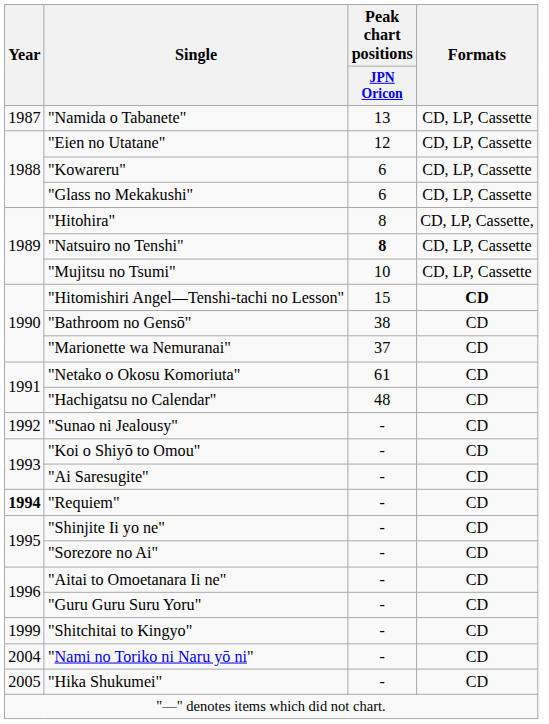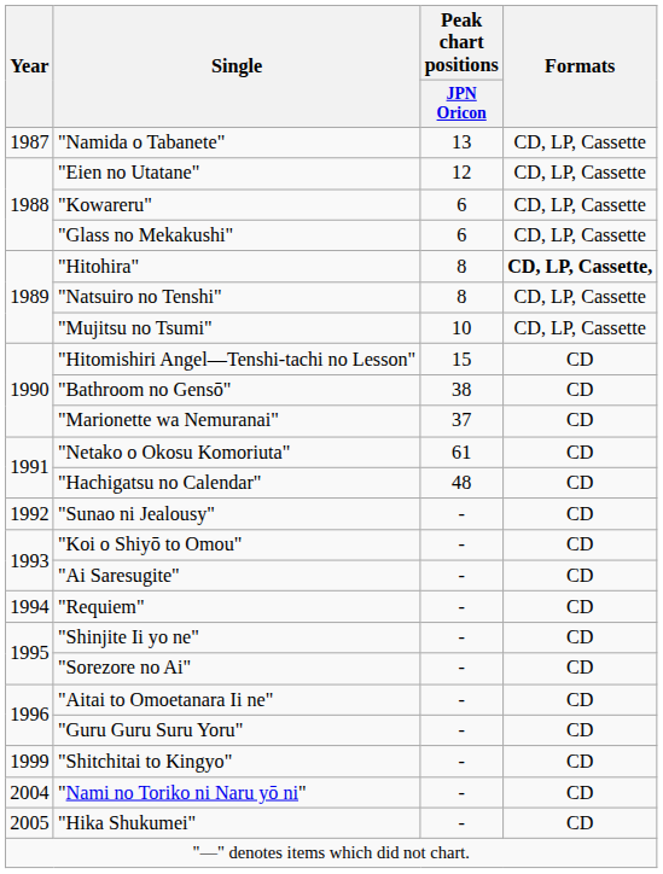 <table class="wikitable plainrowheaders" style="text-align:center;">
 <tr>
 <th scope="col" rowspan="2">Year</th>
 <th scope="col" rowspan="2">Single</th>
 <th scope="col" rowspan="1">Peak chart positions</th>
 <th scope="col" rowspan="2">Formats</th>
 </tr>
 <tr>
 <th style="width:3em;font-size:85%"><a href='#'>JPN<br>Oricon</a><br></th>
 </tr>
 <tr>
 <td rowspan="1">1987</td>
 <td style="text-align:left;">"Namida o Tabanete"<br></td>
 <td>13</td>
 <td>CD, LP, Cassette</td>
 </tr>
 <tr>
 <td rowspan="3">1988</td>
 <td style="text-align:left;">"Eien no Utatane"<br></td>
 <td>12</td>
 <td>CD, LP, Cassette</td>
 </tr>
 <tr>
 <td style="text-align:left;">"Kowareru"<br></td>
 <td>6</td>
 <td>CD, LP, Cassette</td>
 </tr>
 <tr>
 <td style="text-align:left;">"Glass no Mekakushi"<br></td>
 <td>6</td>
 <td>CD, LP, Cassette</td>
 </tr>
 <tr>
 <td rowspan="3">1989</td>
 <td style="text-align:left;">"Hitohira"<br></td>
 <td>8</td>
-<td>CD, LP, Cassette,</td>
+<td><strong>CD, LP, Cassette,</strong></td>
 </tr>
 <tr>
 <td style="text-align:left;">"Natsuiro no Tenshi"<br></td>
-<td><strong>8</strong></td>
+<td>8</td>
 <td>CD, LP, Cassette</td>
 </tr>
 <tr>
 <td style="text-align:left;">"Mujitsu no Tsumi"<br></td>
 <td>10</td>
 <td>CD, LP, Cassette</td>
 </tr>
 <tr>
 <td rowspan="3">1990</td>
 <td style="text-align:left;">"Hitomishiri Angel—Tenshi-tachi no Lesson"<br></td>
 <td>15</td>
-<td><strong>CD</strong></td>
+<td>CD</td>
 </tr>
 <tr>
 <td style="text-align:left;">"Bathroom no Gensō"<br></td>
 <td>38</td>
 <td>CD</td>
 </tr>
 <tr>
 <td style="text-align:left;">"Marionette wa Nemuranai"<br></td>
 <td>37</td>
 <td>CD</td>
 </tr>
 <tr>
 <td rowspan="2">1991</td>
 <td style="text-align:left;">"Netako o Okosu Komoriuta"<br></td>
 <td>61</td>
 <td>CD</td>
 </tr>
 <tr>
 <td style="text-align:left;">"Hachigatsu no Calendar"<br></td>
 <td>48</td>
 <td>CD</td>
 </tr>
 <tr>
 <td rowspan="1">1992</td>
 <td style="text-align:left;">"Sunao ni Jealousy"<br></td>
 <td>-</td>
 <td>CD</td>
 </tr>
 <tr>
 <td rowspan="2">1993</td>
 <td style="text-align:left;">"Koi o Shiyō to Omou"<br></td>
 <td>-</td>
 <td>CD</td>
 </tr>
 <tr>
 <td style="text-align:left;">"Ai Saresugite"<br></td>
 <td>-</td>
 <td>CD</td>
 </tr>
 <tr>
-<td rowspan="1"><strong>1994</strong></td>
+<td rowspan="1">1994</td>
 <td style="text-align:left;">"Requiem"<br></td>
 <td>-</td>
 <td>CD</td>
 </tr>
 <tr>
 <td rowspan="2">1995</td>
 <td style="text-align:left;">"Shinjite Ii yo ne"<br></td>
 <td>-</td>
 <td>CD</td>
 </tr>
 <tr>
 <td style="text-align:left;">"Sorezore no Ai"<br></td>
 <td>-</td>
 <td>CD</td>
 </tr>
 <tr>
 <td rowspan="2">1996</td>
 <td style="text-align:left;">"Aitai to Omoetanara Ii ne"<br></td>
 <td>-</td>
 <td>CD</td>
 </tr>
 <tr>
 <td style="text-align:left;">"Guru Guru Suru Yoru"<br></td>
 <td>-</td>
 <td>CD</td>
 </tr>
 <tr>
 <td rowspan="1">1999</td>
 <td style="text-align:left;">"Shitchitai to Kingyo"<br></td>
 <td>-</td>
 <td>CD</td>
 </tr>
 <tr>
 <td rowspan="1">2004</td>
 <td style="text-align:left;">"<a href='#'>Nami no Toriko ni Naru yō ni</a>"<br></td>
 <td>-</td>
 <td>CD</td>
 </tr>
 <tr>
 <td rowspan="1">2005</td>
 <td style="text-align:left;">"Hika Shukumei"<br></td>
 <td>-</td>
 <td>CD</td>
 </tr>
 <tr>
 <td colspan="11" align="center" style="font-size:90%;">"—" denotes items which did not chart.</td>
 </tr>
 </table>
